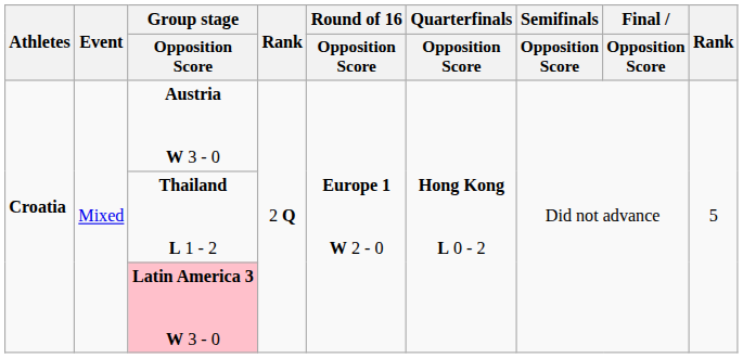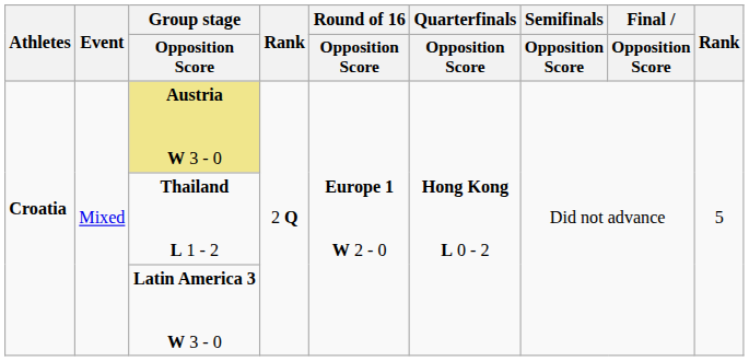 <table class=wikitable style="font-size:90%">
 <tr>
 <th rowspan="2">Athletes</th>
 <th rowspan="2">Event</th>
 <th>Group stage</th>
 <th rowspan="2">Rank</th>
 <th>Round of 16</th>
 <th>Quarterfinals</th>
 <th>Semifinals</th>
 <th>Final / </th>
 <th rowspan=2>Rank</th>
 </tr>
 <tr style="font-size:95%">
 <th>Opposition<br>Score</th>
 <th>Opposition<br>Score</th>
 <th>Opposition<br>Score</th>
 <th>Opposition<br>Score</th>
 <th>Opposition<br>Score</th>
 </tr>
 <tr align=center>
 <td align=left rowspan=3><strong>Croatia</strong><br><br></td>
 <td align=left rowspan=3><a href='#'>Mixed</a></td>
-<td><strong>Austria</strong><br><br><br><strong>W</strong> 3 - 0</td>
+<td style="background: khaki;"><strong>Austria</strong><br><br><br><strong>W</strong> 3 - 0</td>
 <td rowspan=3>2 <strong>Q</strong></td>
 <td rowspan=3><strong>Europe 1</strong><br><br><br><strong>W</strong> 2 - 0</td>
 <td rowspan=3><strong>Hong Kong</strong><br><br><br><strong>L</strong> 0 - 2</td>
 <td rowspan=3 colspan=2>Did not advance</td>
 <td rowspan=3>5</td>
 </tr>
 <tr align=center>
 <td><strong>Thailand</strong><br><br><br><strong>L</strong> 1 - 2</td>
 </tr>
 <tr align=center>
-<td style="background: pink;"><strong>Latin America 3</strong><br><br><br><strong>W</strong> 3 - 0</td>
+<td><strong>Latin America 3</strong><br><br><br><strong>W</strong> 3 - 0</td>
 </tr>
 </table>
